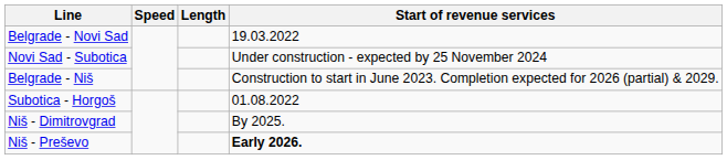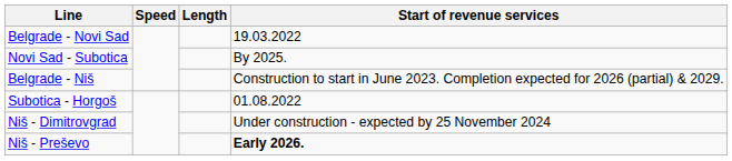 <table class="wikitable">
 <tr>
 <th>Line</th>
 <th>Speed</th>
 <th>Length</th>
 <th>Start of revenue services</th>
 </tr>
 <tr>
 <td><a href='#'>Belgrade</a> - <a href='#'>Novi Sad</a></td>
 <td rowspan="3"></td>
 <td></td>
 <td>19.03.2022</td>
 </tr>
 <tr>
 <td><a href='#'>Novi Sad</a> - <a href='#'>Subotica</a></td>
 <td></td>
-<td>Under construction - expected by 25 November 2024</td>
+<td>By 2025.</td>
 </tr>
 <tr>
 <td><a href='#'>Belgrade</a> - <a href='#'>Niš</a></td>
 <td></td>
 <td>Construction to start in June 2023. Completion expected for 2026 (partial) & 2029.</td>
 </tr>
 <tr>
 <td><a href='#'>Subotica</a> - <a href='#'>Horgoš</a></td>
 <td rowspan="3"></td>
 <td></td>
 <td>01.08.2022</td>
 </tr>
 <tr>
 <td><a href='#'>Niš</a> - <a href='#'>Dimitrovgrad</a></td>
 <td></td>
-<td>By 2025.</td>
+<td>Under construction - expected by 25 November 2024</td>
 </tr>
 <tr>
 <td><a href='#'>Niš</a> - <a href='#'>Preševo</a></td>
 <td></td>
 <td><strong>Early 2026.</strong></td>
 </tr>
 </table>
